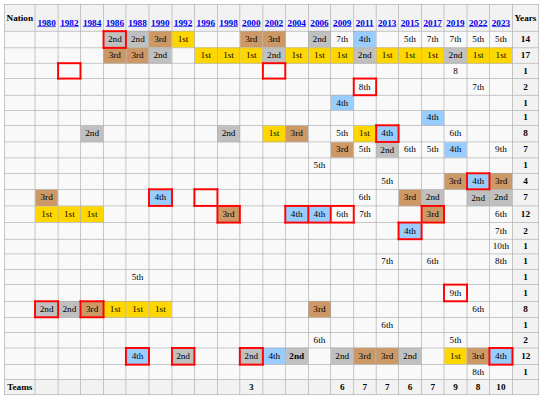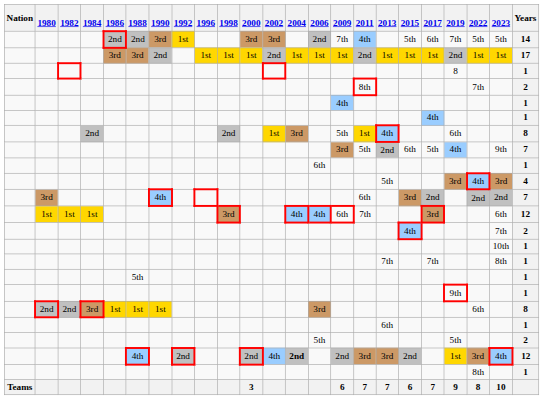 <table class="wikitable" style="text-align:center; font-size:90%">
 <tr>
 <th>Nation</th>
 <th><br><a href='#'>1980</a></th>
 <th><br><a href='#'>1982</a></th>
 <th><br><a href='#'>1984</a></th>
 <th><br><a href='#'>1986</a></th>
 <th><br><a href='#'>1988</a></th>
 <th><br><a href='#'>1990</a></th>
 <th><br><a href='#'>1992</a></th>
 <th><br><a href='#'>1996</a></th>
 <th><br><a href='#'>1998</a></th>
 <th><br><a href='#'>2000</a></th>
 <th><br><a href='#'>2002</a></th>
 <th><br><a href='#'>2004</a></th>
 <th><br><a href='#'>2006</a></th>
 <th><br><a href='#'>2009</a></th>
 <th><br><a href='#'>2011</a></th>
 <th><br><a href='#'>2013</a></th>
 <th><br><a href='#'>2015</a></th>
 <th><br><a href='#'>2017</a></th>
 <th><br><a href='#'>2019</a></th>
 <th><br><a href='#'>2022</a></th>
 <th><br><a href='#'>2023</a></th>
 <th>Years</th>
 </tr>
 <tr>
 <td align=left></td>
 <td></td>
 <td></td>
 <td></td>
 <td style="border:3px solid red" bgcolor=silver>2nd</td>
 <td bgcolor=silver>2nd</td>
 <td bgcolor=cc9966>3rd</td>
 <td bgcolor=gold>1st</td>
 <td></td>
 <td></td>
 <td bgcolor=cc9966>3rd</td>
 <td bgcolor=cc9966>3rd</td>
 <td></td>
 <td bgcolor=silver>2nd</td>
 <td>7th</td>
 <td bgcolor=9acdff>4th</td>
 <td></td>
 <td>5th</td>
-<td>7th</td>
+<td>6th</td>
 <td>7th</td>
 <td>5th</td>
 <td>5th</td>
 <th>14</th>
 </tr>
 <tr>
 <td align=left></td>
 <td></td>
 <td></td>
 <td></td>
 <td bgcolor=cc9966>3rd</td>
 <td bgcolor=cc9966>3rd</td>
 <td bgcolor=silver>2nd</td>
 <td></td>
 <td bgcolor=gold>1st</td>
 <td bgcolor=gold>1st</td>
 <td bgcolor=gold>1st</td>
 <td bgcolor=silver>2nd</td>
 <td bgcolor=gold>1st</td>
 <td bgcolor=gold>1st</td>
 <td bgcolor=gold>1st</td>
 <td bgcolor=silver>2nd</td>
 <td bgcolor=gold>1st</td>
 <td bgcolor=gold>1st</td>
 <td bgcolor=gold>1st</td>
 <td bgcolor=silver>2nd</td>
 <td bgcolor=gold>1st</td>
 <td bgcolor=gold>1st</td>
 <th>17</th>
 </tr>
 <tr>
 <td align=left></td>
 <td></td>
 <td style="border:3px solid red"></td>
 <td></td>
 <td></td>
 <td></td>
 <td></td>
 <td></td>
 <td></td>
 <td></td>
 <td></td>
 <td style="border:3px solid red"></td>
 <td></td>
 <td></td>
 <td></td>
 <td></td>
 <td></td>
 <td></td>
 <td></td>
 <td>8</td>
 <td></td>
 <td></td>
 <th>1</th>
 </tr>
 <tr>
 <td align=left></td>
 <td></td>
 <td></td>
 <td></td>
 <td></td>
 <td></td>
 <td></td>
 <td></td>
 <td></td>
 <td></td>
 <td></td>
 <td></td>
 <td></td>
 <td></td>
 <td></td>
 <td style="border:3px solid red">8th</td>
 <td></td>
 <td></td>
 <td></td>
 <td></td>
 <td>7th</td>
 <td></td>
 <th>2</th>
 </tr>
 <tr>
 <td align=left></td>
 <td></td>
 <td></td>
 <td></td>
 <td></td>
 <td></td>
 <td></td>
 <td></td>
 <td></td>
 <td></td>
 <td></td>
 <td></td>
 <td></td>
 <td></td>
 <td bgcolor=9acdff>4th</td>
 <td></td>
 <td></td>
 <td></td>
 <td></td>
 <td></td>
 <td></td>
 <td></td>
 <th>1</th>
 </tr>
 <tr>
 <td align=left></td>
 <td></td>
 <td></td>
 <td></td>
 <td></td>
 <td></td>
 <td></td>
 <td></td>
 <td></td>
 <td></td>
 <td></td>
 <td></td>
 <td></td>
 <td></td>
 <td></td>
 <td></td>
 <td></td>
 <td></td>
 <td bgcolor=9acdff>4th</td>
 <td></td>
 <td></td>
 <td></td>
 <th>1</th>
 </tr>
 <tr>
 <td align=left></td>
 <td></td>
 <td></td>
 <td bgcolor=silver>2nd</td>
 <td></td>
 <td></td>
 <td></td>
 <td></td>
 <td></td>
 <td bgcolor=silver>2nd</td>
 <td></td>
 <td bgcolor=gold>1st</td>
 <td bgcolor=cc9966>3rd</td>
 <td></td>
 <td>5th</td>
 <td bgcolor=gold>1st</td>
 <td style="border:3px solid red" bgcolor=9acdff>4th</td>
 <td></td>
 <td></td>
 <td>6th</td>
 <td></td>
 <td></td>
 <th>8</th>
 </tr>
 <tr>
 <td align=left></td>
 <td></td>
 <td></td>
 <td></td>
 <td></td>
 <td></td>
 <td></td>
 <td></td>
 <td></td>
 <td></td>
 <td></td>
 <td></td>
 <td></td>
 <td></td>
 <td bgcolor=cc9966>3rd</td>
 <td>5th</td>
 <td bgcolor=silver>2nd</td>
 <td>6th</td>
 <td>5th</td>
 <td bgcolor=9acdff>4th</td>
 <td></td>
 <td>9th</td>
 <th>7</th>
 </tr>
 <tr>
 <td align=left></td>
 <td></td>
 <td></td>
 <td></td>
 <td></td>
 <td></td>
 <td></td>
 <td></td>
 <td></td>
 <td></td>
 <td></td>
 <td></td>
 <td></td>
-<td>5th</td>
+<td>6th</td>
 <td></td>
 <td></td>
 <td></td>
 <td></td>
 <td></td>
 <td></td>
 <td></td>
 <td></td>
 <th>1</th>
 </tr>
 <tr>
 <td align=left></td>
 <td></td>
 <td></td>
 <td></td>
 <td></td>
 <td></td>
 <td></td>
 <td></td>
 <td></td>
 <td></td>
 <td></td>
 <td></td>
 <td></td>
 <td></td>
 <td></td>
 <td></td>
 <td>5th</td>
 <td></td>
 <td></td>
 <td bgcolor=cc9966>3rd</td>
 <td style="border:3px solid red" bgcolor=9acdff>4th</td>
 <td bgcolor=cc9966>3rd</td>
 <th>4</th>
 </tr>
 <tr>
 <td align=left></td>
 <td bgcolor=cc9966>3rd</td>
 <td></td>
 <td></td>
 <td></td>
 <td></td>
 <td style="border:3px solid red" bgcolor=9acdff>4th</td>
 <td></td>
 <td style="border:3px solid red"></td>
 <td></td>
 <td></td>
 <td></td>
 <td></td>
 <td></td>
 <td></td>
 <td>6th</td>
 <td></td>
 <td bgcolor=cc9966>3rd</td>
 <td bgcolor=silver>2nd</td>
 <td></td>
 <td bgcolor=silver>2nd</td>
 <td bgcolor=silver>2nd</td>
 <th>7</th>
 </tr>
 <tr>
 <td align=left></td>
 <td bgcolor=gold>1st</td>
 <td bgcolor=gold>1st</td>
 <td bgcolor=gold>1st</td>
 <td></td>
 <td></td>
 <td></td>
 <td></td>
 <td></td>
 <td style="border:3px solid red" bgcolor=cc9966>3rd</td>
 <td></td>
 <td></td>
 <td style="border:3px solid red" bgcolor=9acdff>4th</td>
 <td style="border:3px solid red" bgcolor=9acdff>4th</td>
 <td style="border:3px solid red">6th</td>
 <td>7th</td>
 <td></td>
 <td></td>
 <td style="border:3px solid red" bgcolor=cc9966>3rd</td>
 <td></td>
 <td></td>
 <td>6th</td>
 <th>12</th>
 </tr>
 <tr>
 <td align=left></td>
 <td></td>
 <td></td>
 <td></td>
 <td></td>
 <td></td>
 <td></td>
 <td></td>
 <td></td>
 <td></td>
 <td></td>
 <td></td>
 <td></td>
 <td></td>
 <td></td>
 <td></td>
 <td></td>
 <td style="border:3px solid red" bgcolor=9acdff>4th</td>
 <td></td>
 <td></td>
 <td></td>
 <td>7th</td>
 <th>2</th>
 </tr>
 <tr>
 <td align=left></td>
 <td></td>
 <td></td>
 <td></td>
 <td></td>
 <td></td>
 <td></td>
 <td></td>
 <td></td>
 <td></td>
 <td></td>
 <td></td>
 <td></td>
 <td></td>
 <td></td>
 <td></td>
 <td></td>
 <td></td>
 <td></td>
 <td></td>
 <td></td>
 <td>10th</td>
 <th>1</th>
 </tr>
 <tr>
 <td align=left></td>
 <td></td>
 <td></td>
 <td></td>
 <td></td>
 <td></td>
 <td></td>
 <td></td>
 <td></td>
 <td></td>
 <td></td>
 <td></td>
 <td></td>
 <td></td>
 <td></td>
 <td></td>
 <td>7th</td>
 <td></td>
-<td>6th</td>
+<td>7th</td>
 <td></td>
 <td></td>
 <td>8th</td>
 <th>1</th>
 </tr>
 <tr>
 <td align=left></td>
 <td></td>
 <td></td>
 <td></td>
 <td></td>
 <td>5th</td>
 <td></td>
 <td></td>
 <td></td>
 <td></td>
 <td></td>
 <td></td>
 <td></td>
 <td></td>
 <td></td>
 <td></td>
 <td></td>
 <td></td>
 <td></td>
 <td></td>
 <td></td>
 <td></td>
 <th>1</th>
 </tr>
 <tr>
 <td align=left></td>
 <td></td>
 <td></td>
 <td></td>
 <td></td>
 <td></td>
 <td></td>
 <td></td>
 <td></td>
 <td></td>
 <td></td>
 <td></td>
 <td></td>
 <td></td>
 <td></td>
 <td></td>
 <td></td>
 <td></td>
 <td></td>
 <td style="border:3px solid red">9th</td>
 <td></td>
 <td></td>
 <th>1</th>
 </tr>
 <tr>
 <td align=left></td>
 <td style="border:3px solid red" bgcolor=silver>2nd</td>
 <td bgcolor=silver>2nd</td>
 <td style="border:3px solid red" bgcolor=cc9966>3rd</td>
 <td bgcolor=gold>1st</td>
 <td bgcolor=gold>1st</td>
 <td bgcolor=gold>1st</td>
 <td></td>
 <td></td>
 <td></td>
 <td></td>
 <td></td>
 <td></td>
 <td bgcolor=cc9966>3rd</td>
 <td></td>
 <td></td>
 <td></td>
 <td></td>
 <td></td>
 <td></td>
 <td>6th</td>
 <td></td>
 <th>8</th>
 </tr>
 <tr>
 <td align=left></td>
 <td></td>
 <td></td>
 <td></td>
 <td></td>
 <td></td>
 <td></td>
 <td></td>
 <td></td>
 <td></td>
 <td></td>
 <td></td>
 <td></td>
 <td></td>
 <td></td>
 <td></td>
 <td>6th</td>
 <td></td>
 <td></td>
 <td></td>
 <td></td>
 <td></td>
 <th>1</th>
 </tr>
 <tr>
 <td align=left></td>
 <td></td>
 <td></td>
 <td></td>
 <td></td>
 <td></td>
 <td></td>
 <td></td>
 <td></td>
 <td></td>
 <td></td>
 <td></td>
 <td></td>
-<td>6th</td>
+<td>5th</td>
 <td></td>
 <td></td>
 <td></td>
 <td></td>
 <td></td>
 <td>5th</td>
 <td></td>
 <td></td>
 <th>2</th>
 </tr>
 <tr>
 <td align=left></td>
 <td></td>
 <td></td>
 <td></td>
 <td></td>
 <td style="border:3px solid red" bgcolor=9acdff>4th</td>
 <td></td>
 <td style="border:3px solid red" bgcolor=silver>2nd</td>
 <td></td>
 <td></td>
 <td style="border:3px solid red" bgcolor=silver>2nd</td>
 <td bgcolor=9acdff>4th</td>
 <td bgcolor=silver><strong>2nd</strong></td>
 <td></td>
 <td bgcolor=silver>2nd</td>
 <td bgcolor=cc9966>3rd</td>
 <td bgcolor=cc9966>3rd</td>
 <td bgcolor=silver>2nd</td>
 <td></td>
 <td bgcolor=gold>1st</td>
 <td bgcolor=cc9966>3rd</td>
 <td style="border:3px solid red" bgcolor=9acdff>4th</td>
 <th>12</th>
 </tr>
 <tr>
 <td align=left></td>
 <td></td>
 <td></td>
 <td></td>
 <td></td>
 <td></td>
 <td></td>
 <td></td>
 <td></td>
 <td></td>
 <td></td>
 <td></td>
 <td></td>
 <td></td>
 <td></td>
 <td></td>
 <td></td>
 <td></td>
 <td></td>
 <td></td>
 <td>8th</td>
 <td></td>
 <th>1</th>
 </tr>
 <tr>
 <th>Teams</th>
 <th></th>
 <th></th>
 <th></th>
 <th></th>
 <th></th>
 <th></th>
 <th></th>
 <th></th>
 <th></th>
 <th>3</th>
 <th></th>
 <th></th>
 <th></th>
 <th>6</th>
 <th>7</th>
 <th>7</th>
 <th>6</th>
 <th>7</th>
 <th>9</th>
 <th>8</th>
 <th>10</th>
 <th></th>
 </tr>
 </table>
